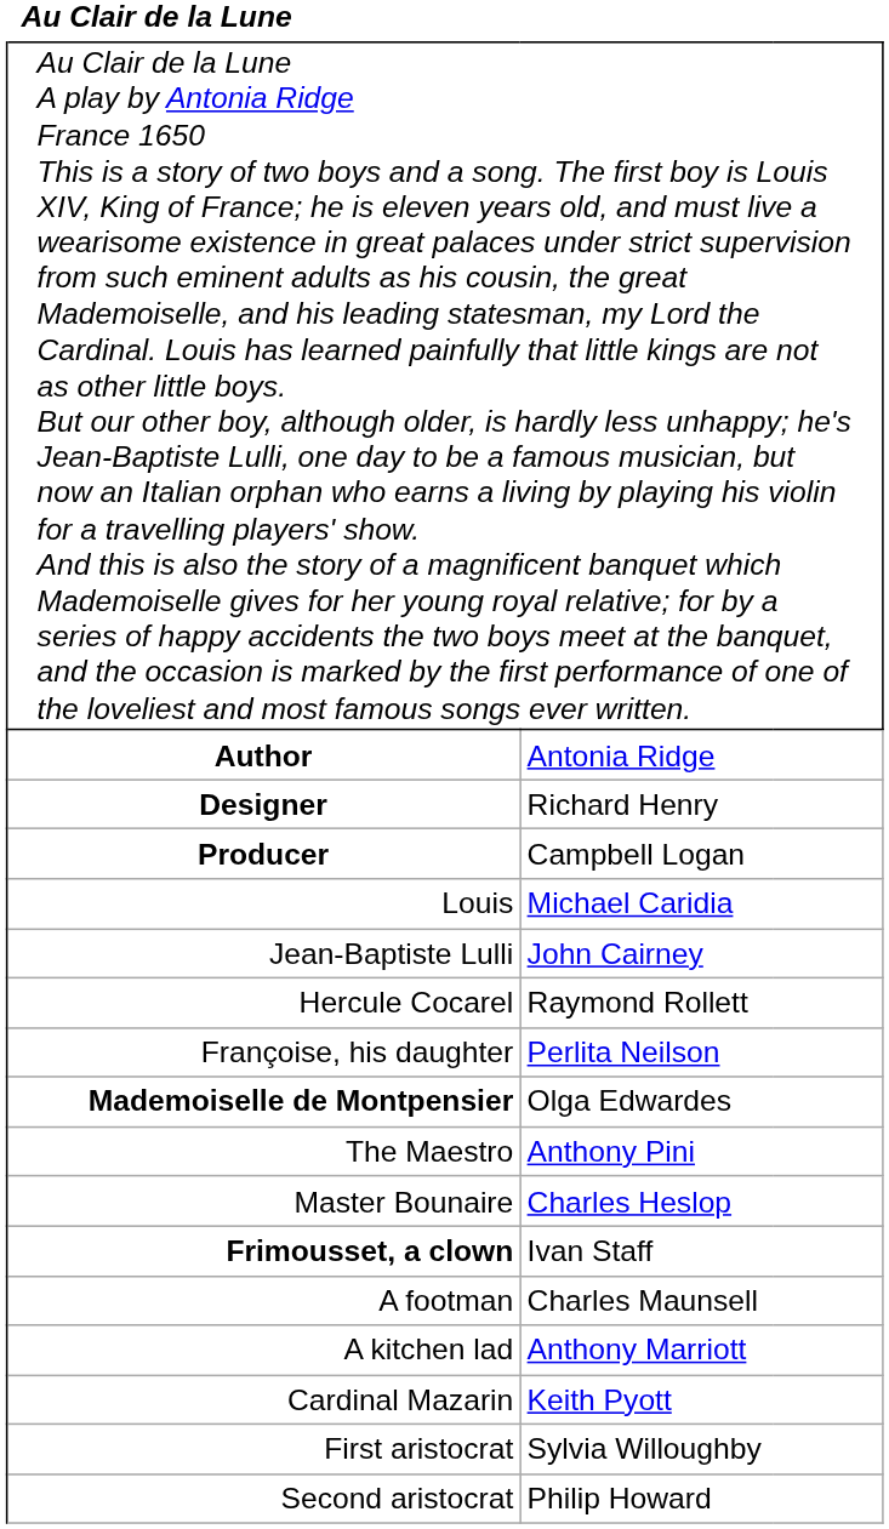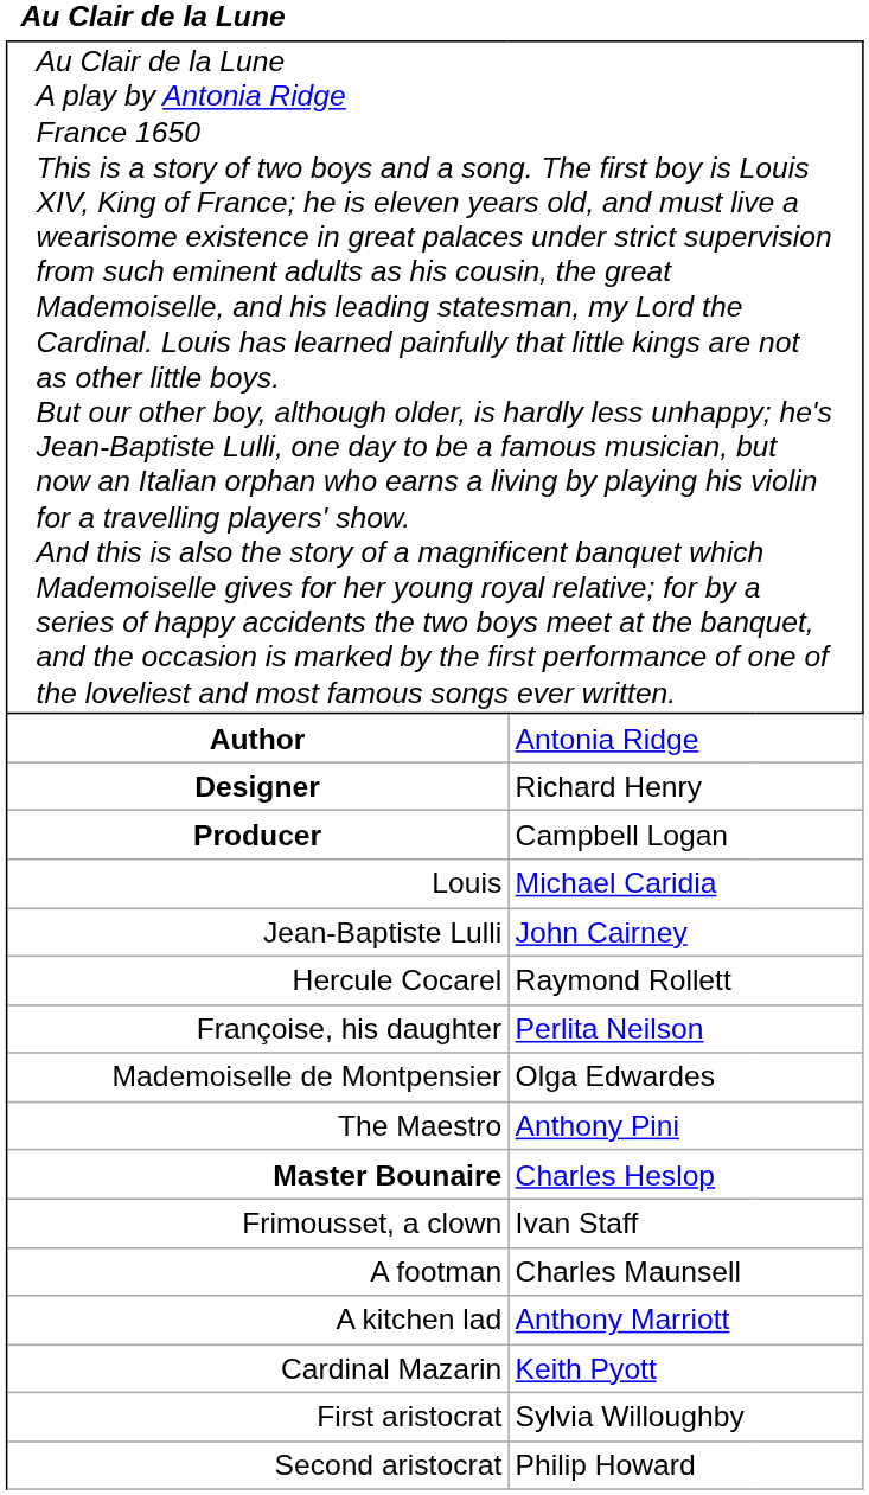 <table class="wikitable mw-collapsible mw-collapsed" style="vertical-align:top;margin:auto 2em;line-height:1.2;max-width:33em;background-color:inherit;border:none;">
 <tr>
 <td class=unsortable style="border:hidden;line-height:1.67;margin-left:-1em;text-align:center;padding-left:0.5em;min-width:1.0em;"></td>
 <td class=unsortable style="border-style:none;padding-left:0.5em;text-align:left;min-width:16.5em;font-weight:700;font-style:italic;">Au Clair de la Lune</td>
 <td class=unsortable style="border:none;text-align:right;font-weight:normal; font-size:95%; min-width:8.5em;padding-right:0.2em;"></td>
 <td class=unsortable style="border:none;min-width:3.5em;padding-left:0;"></td>
 <td class=unsortable style="border:hidden;min-width:3.5em;font-size:95%;"></td>
 </tr>
 <tr>
 <td rowspan=100 style="border:none thin;border-right-style :solid;"></td>
 <td colspan=3 style="text-align:left;padding:0.1em 1em;font-style:italic;border: solid thin;"><em>Au Clair de la Lune</em><br>A play by <a href='#'>Antonia Ridge</a><br>France 1650<br>This is a story of two boys and a song. The first boy is Louis XIV, King of France; he is eleven years old, and must live a wearisome existence in great palaces under strict supervision from such eminent adults as his cousin, the great Mademoiselle, and his leading statesman, my Lord the Cardinal. Louis has learned painfully that little kings are not as other little boys.<br>But our other boy, although older, is hardly less unhappy; he's Jean-Baptiste Lulli, one day to be a famous musician, but now an Italian orphan who earns a living by playing his violin for a travelling players' show.<br>And this is also the story of a magnificent banquet which Mademoiselle gives for her young royal relative; for by a series of happy accidents the two boys meet at the banquet, and the occasion is marked by the first performance of one of the loveliest and most famous songs ever written.</td>
 </tr>
 <tr>
 <td style="text-align:center;font-weight:bold;">Author</td>
 <td colspan=2><a href='#'>Antonia Ridge</a></td>
 </tr>
 <tr>
 <td style="text-align:center;font-weight:bold;">Designer</td>
 <td colspan=2>Richard Henry</td>
 </tr>
 <tr>
 <td style="text-align:center;font-weight:bold;">Producer</td>
 <td colspan=2>Campbell Logan</td>
 </tr>
 <tr>
 <td style="text-align:right;">Louis</td>
 <td colspan=2><a href='#'>Michael Caridia</a></td>
 </tr>
 <tr>
 <td style="text-align:right;">Jean-Baptiste Lulli</td>
 <td colspan=2><a href='#'>John Cairney</a></td>
 </tr>
 <tr>
 <td style="text-align:right;">Hercule Cocarel</td>
 <td colspan=2>Raymond Rollett</td>
 </tr>
 <tr>
 <td style="text-align:right;">Françoise, his daughter</td>
 <td colspan=2><a href='#'>Perlita Neilson</a></td>
 </tr>
 <tr>
-<td style="text-align:right;"><strong>Mademoiselle de Montpensier</strong></td>
+<td style="text-align:right;">Mademoiselle de Montpensier</td>
 <td colspan=2>Olga Edwardes</td>
 </tr>
 <tr>
 <td style="text-align:right;">The Maestro</td>
 <td colspan=2><a href='#'>Anthony Pini</a></td>
 </tr>
 <tr>
-<td style="text-align:right;">Master Bounaire</td>
+<td style="text-align:right;"><strong>Master Bounaire</strong></td>
 <td colspan=2><a href='#'>Charles Heslop</a></td>
 </tr>
 <tr>
-<td style="text-align:right;"><strong>Frimousset, a clown</strong></td>
+<td style="text-align:right;">Frimousset, a clown</td>
 <td colspan=2>Ivan Staff</td>
 </tr>
 <tr>
 <td style="text-align:right;">A footman</td>
 <td colspan=2>Charles Maunsell</td>
 </tr>
 <tr>
 <td style="text-align:right;">A kitchen lad</td>
 <td colspan=2><a href='#'>Anthony Marriott</a></td>
 </tr>
 <tr>
 <td style="text-align:right;">Cardinal Mazarin</td>
 <td colspan=2><a href='#'>Keith Pyott</a></td>
 </tr>
 <tr>
 <td style="text-align:right;">First aristocrat</td>
 <td colspan=2>Sylvia Willoughby</td>
 </tr>
 <tr>
 <td style="text-align:right;">Second aristocrat</td>
 <td colspan=2>Philip Howard</td>
 </tr>
 </table>
